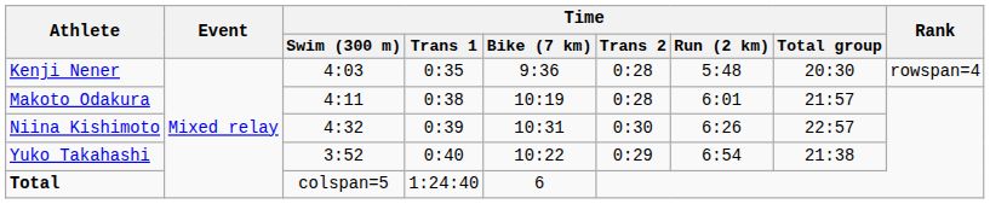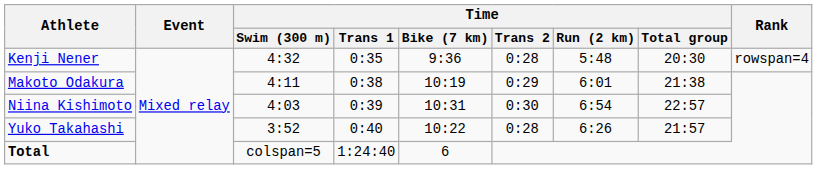 <table class="wikitable" style="font-size:90%;text-align:center;">
 <tr>
 <th rowspan=2>Athlete</th>
 <th rowspan=2>Event</th>
 <th colspan=6>Time</th>
 <th rowspan=2>Rank</th>
 </tr>
 <tr style="font-size:95%">
 <th>Swim (300 m)</th>
 <th>Trans 1</th>
 <th>Bike (7 km)</th>
 <th>Trans 2</th>
 <th>Run (2 km)</th>
 <th>Total group</th>
 </tr>
 <tr>
 <td align=left><a href='#'>Kenji Nener</a></td>
 <td align=left rowspan=5><a href='#'>Mixed relay</a></td>
-<td>4:03</td>
+<td>4:32</td>
 <td>0:35</td>
 <td>9:36</td>
 <td>0:28</td>
 <td>5:48</td>
 <td>20:30</td>
 <td>rowspan=4 </td>
 </tr>
 <tr>
 <td align=left><a href='#'>Makoto Odakura</a></td>
 <td>4:11</td>
 <td>0:38</td>
 <td>10:19</td>
-<td>0:28</td>
+<td>0:29</td>
 <td>6:01</td>
-<td>21:57</td>
+<td>21:38</td>
 </tr>
 <tr>
 <td align=left><a href='#'>Niina Kishimoto</a></td>
-<td>4:32</td>
+<td>4:03</td>
 <td>0:39</td>
 <td>10:31</td>
 <td>0:30</td>
-<td>6:26</td>
+<td>6:54</td>
 <td>22:57</td>
 </tr>
 <tr>
 <td align=left><a href='#'>Yuko Takahashi</a></td>
 <td>3:52</td>
 <td>0:40</td>
 <td>10:22</td>
-<td>0:29</td>
-<td>6:54</td>
-<td>21:38</td>
+<td>0:28</td>
+<td>6:26</td>
+<td>21:57</td>
 </tr>
 <tr align=center>
 <td align=left><strong>Total</strong></td>
 <td>colspan=5 </td>
 <td>1:24:40</td>
 <td>6</td>
 </tr>
 </table>
